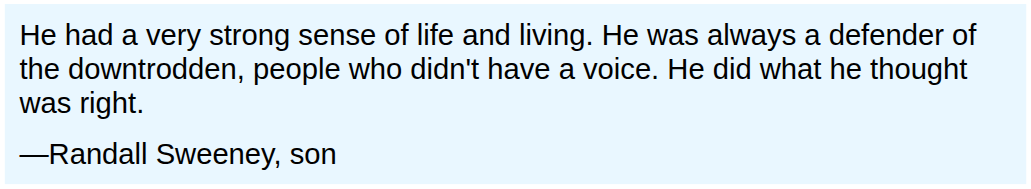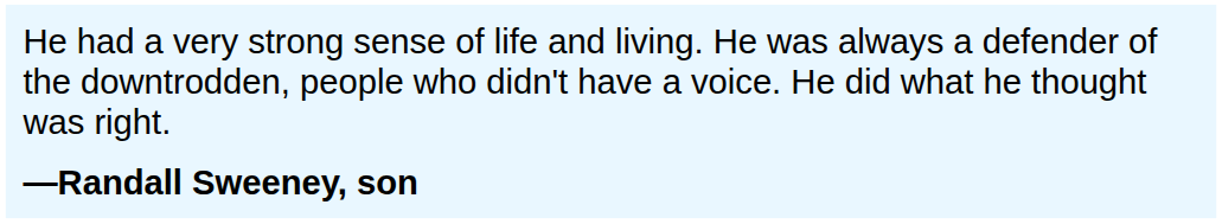 <table class="toccolours" style="float: right; margin-left: 4em; margin-right: 2em; font-size: 80%; background:#E9F7FF; color:black; width:35em; max-width: 33%;" cellspacing="5">
 <tr>
 <td style="text-align: left;">He had a very strong sense of life and living. He was always a defender of the downtrodden, people who didn't have a voice. He did what he thought was right.</td>
 </tr>
 <tr>
-<td style="text-align: left;">—Randall Sweeney, son </td>
+<td style="text-align: left;"><strong>—Randall Sweeney, son </strong></td>
 </tr>
 </table>
